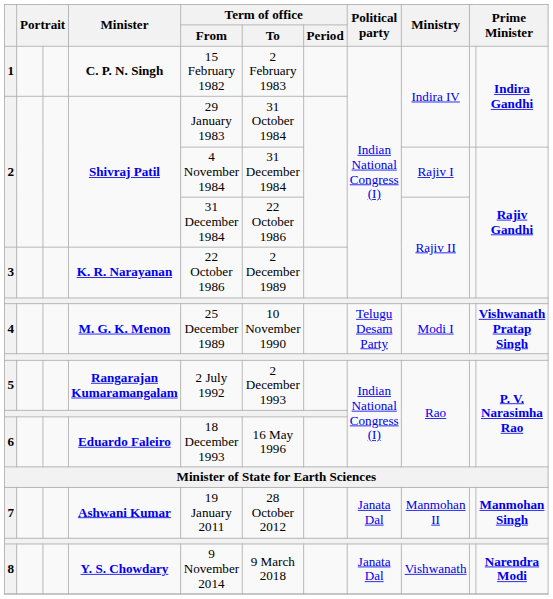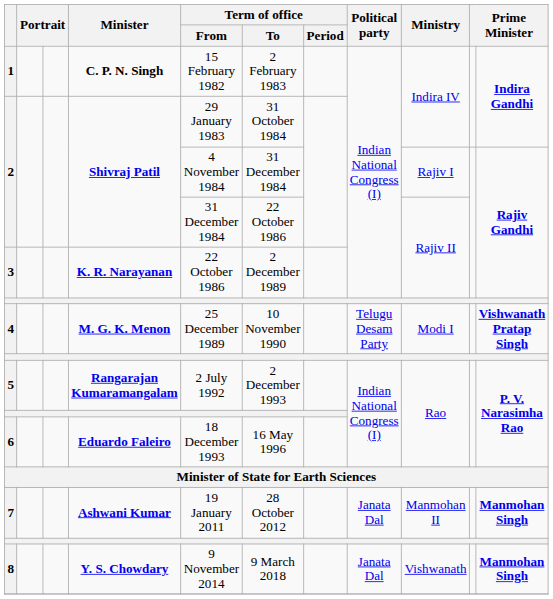 <table class="wikitable" style="text-align:center">
 <tr>
 <th rowspan="2"></th>
 <th rowspan="2" colspan="2">Portrait</th>
 <th rowspan="2" style="width:16em">Minister<br></th>
 <th colspan="3">Term of office</th>
 <th rowspan="2" style="width:8em">Political party</th>
 <th rowspan="2" style="width:6em">Ministry</th>
 <th rowspan="2" colspan="2">Prime Minister</th>
 </tr>
 <tr>
 <th style="width:8em">From</th>
 <th style="width:8em">To</th>
 <th style="width:6em">Period</th>
 </tr>
 <tr>
 <th>1</th>
 <td></td>
 <td></td>
 <td><strong>C. P. N. Singh</strong><br></td>
 <td>15 February<br>1982</td>
 <td>2 February<br>1983</td>
 <td><strong></strong></td>
 <td rowspan="5"><a href='#'>Indian National Congress (I)</a></td>
 <td rowspan="2"><a href='#'>Indira IV</a></td>
 <td rowspan="2"></td>
 <td rowspan="2"><strong><a href='#'>Indira Gandhi</a></strong></td>
 </tr>
 <tr>
 <th rowspan="3">2</th>
 <td rowspan="3"></td>
 <td rowspan="3"></td>
 <td rowspan="3"><strong><a href='#'>Shivraj Patil</a></strong><br></td>
 <td>29 January<br>1983</td>
 <td>31 October<br>1984</td>
 <td rowspan="3"><strong></strong></td>
 </tr>
 <tr>
 <td>4 November<br>1984</td>
 <td>31 December<br>1984</td>
 <td><a href='#'>Rajiv I</a></td>
 <td rowspan="3"></td>
 <td rowspan="3"><strong><a href='#'>Rajiv Gandhi</a></strong></td>
 </tr>
 <tr>
 <td>31 December<br>1984</td>
 <td>22 October<br>1986</td>
 <td rowspan="2"><a href='#'>Rajiv II</a></td>
 </tr>
 <tr>
 <th>3</th>
 <td></td>
 <td></td>
 <td><strong><a href='#'>K. R. Narayanan</a></strong><br></td>
 <td>22 October<br>1986</td>
 <td>2 December<br>1989</td>
 <td><strong></strong></td>
 </tr>
 <tr>
 <th colspan="11"></th>
 </tr>
 <tr>
 <th>4</th>
 <td></td>
 <td></td>
 <td><strong><a href='#'>M. G. K. Menon</a></strong><br></td>
 <td>25 December<br>1989</td>
 <td>10 November<br>1990</td>
 <td><strong></strong></td>
 <td><a href='#'>Telugu Desam Party</a></td>
 <td><a href='#'>Modi I</a></td>
 <td></td>
 <td style="width:9em"><strong><a href='#'>Vishwanath Pratap Singh</a></strong></td>
 </tr>
 <tr>
 <th colspan="11"></th>
 </tr>
 <tr>
 <th>5</th>
 <td></td>
 <td></td>
 <td><strong><a href='#'>Rangarajan Kumaramangalam</a></strong><br></td>
 <td>2 July<br>1992</td>
 <td>2 December<br>1993</td>
 <td><strong></strong></td>
 <td rowspan="3"><a href='#'>Indian National Congress (I)</a></td>
 <td rowspan="3"><a href='#'>Rao</a></td>
 <td rowspan="3"></td>
 <td rowspan="3"><strong><a href='#'>P. V. Narasimha Rao</a></strong></td>
 </tr>
 <tr>
 <th colspan="7"></th>
 </tr>
 <tr>
 <th>6</th>
 <td></td>
 <td></td>
 <td><strong><a href='#'>Eduardo Faleiro</a></strong><br></td>
 <td>18 December<br>1993</td>
 <td>16 May<br>1996</td>
 <td><strong></strong></td>
 </tr>
 <tr>
 <th colspan="11">Minister of State for Earth Sciences</th>
 </tr>
 <tr>
 <th>7</th>
 <td></td>
 <td></td>
 <td><strong><a href='#'>Ashwani Kumar</a></strong><br></td>
 <td>19 January<br>2011</td>
 <td>28 October<br>2012</td>
 <td><strong></strong></td>
 <td><a href='#'>Janata Dal</a></td>
 <td><a href='#'>Manmohan II</a></td>
 <td></td>
 <td><strong><a href='#'>Manmohan Singh</a></strong></td>
 </tr>
 <tr>
 <th colspan="11"></th>
 </tr>
 <tr>
 <th>8</th>
 <td></td>
 <td></td>
 <td><strong><a href='#'>Y. S. Chowdary</a></strong><br></td>
 <td>9 November<br>2014</td>
 <td>9 March<br>2018</td>
 <td><strong></strong></td>
 <td><a href='#'>Janata Dal</a></td>
 <td><a href='#'>Vishwanath</a></td>
 <td></td>
-<td><strong><a href='#'>Narendra Modi</a></strong></td>
+<td><strong><a href='#'>Manmohan Singh</a></strong></td>
 </tr>
 <tr>
 </tr>
 </table>
